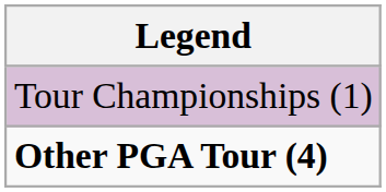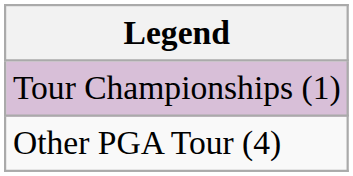 <table class="wikitable" style="font-size:95%;">
 <tr>
 <th>Legend</th>
 </tr>
 <tr style="background:thistle;">
 <td>Tour Championships (1)</td>
 </tr>
 <tr>
-<td><strong>Other PGA Tour (4)</strong></td>
+<td>Other PGA Tour (4)</td>
 </tr>
 </table>
